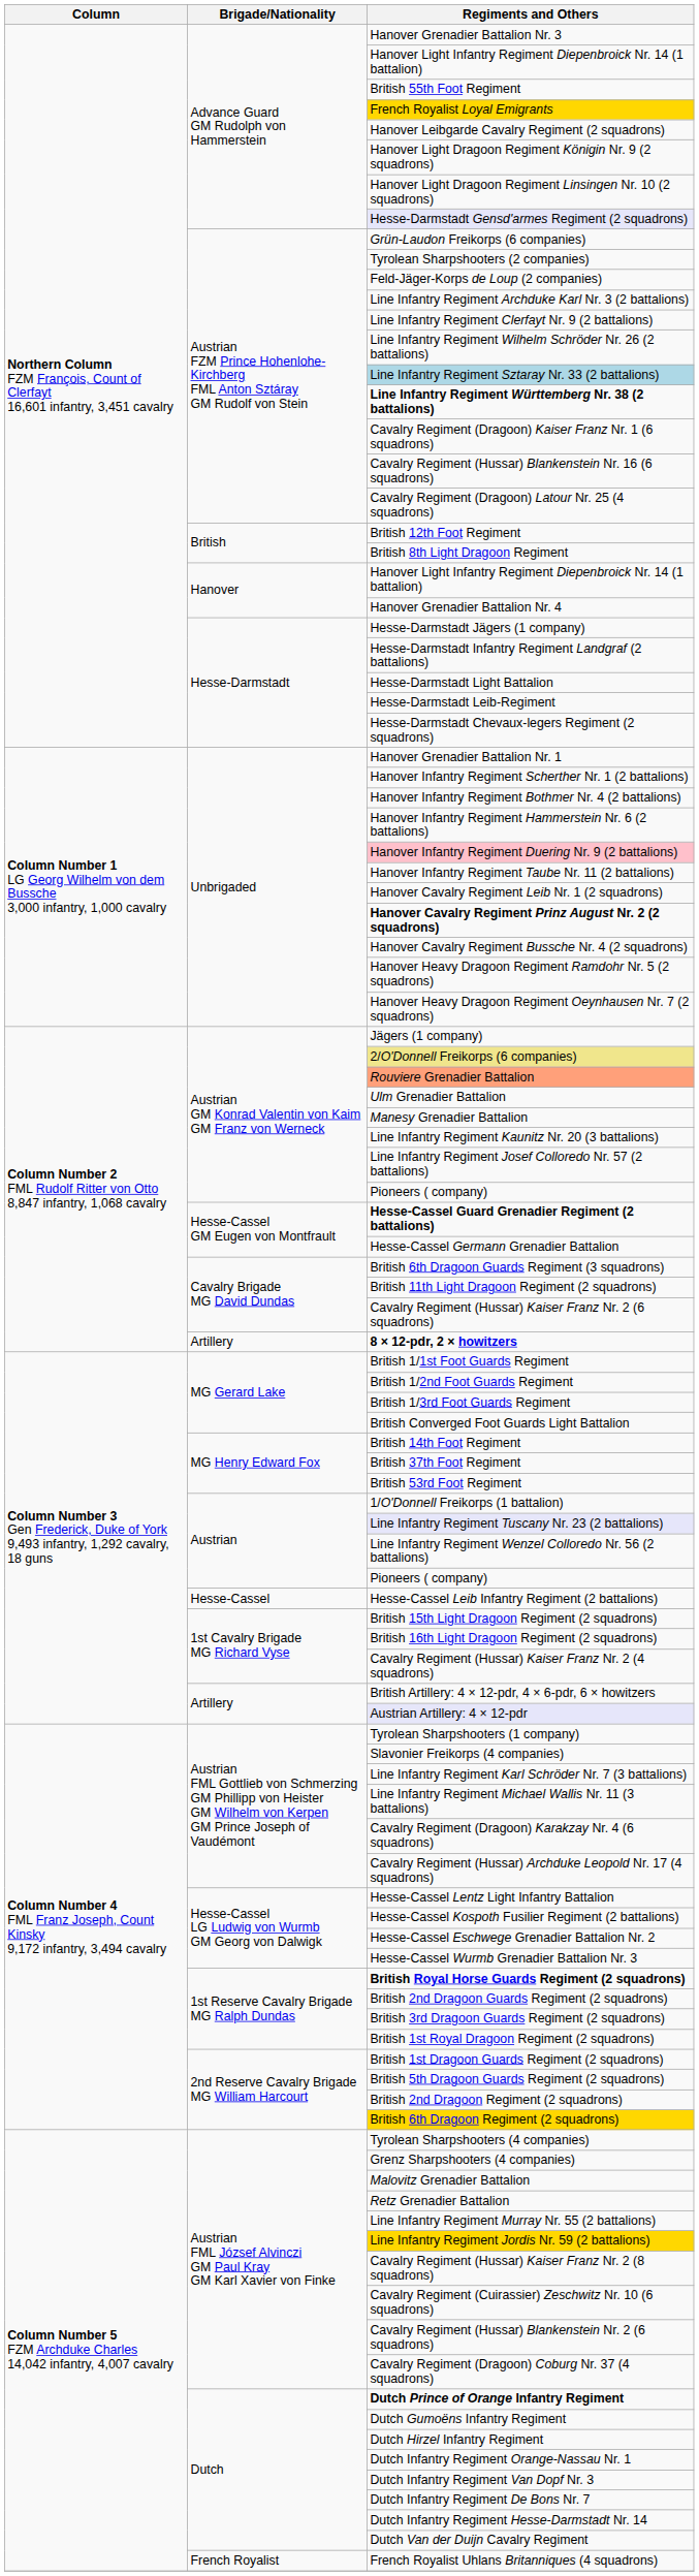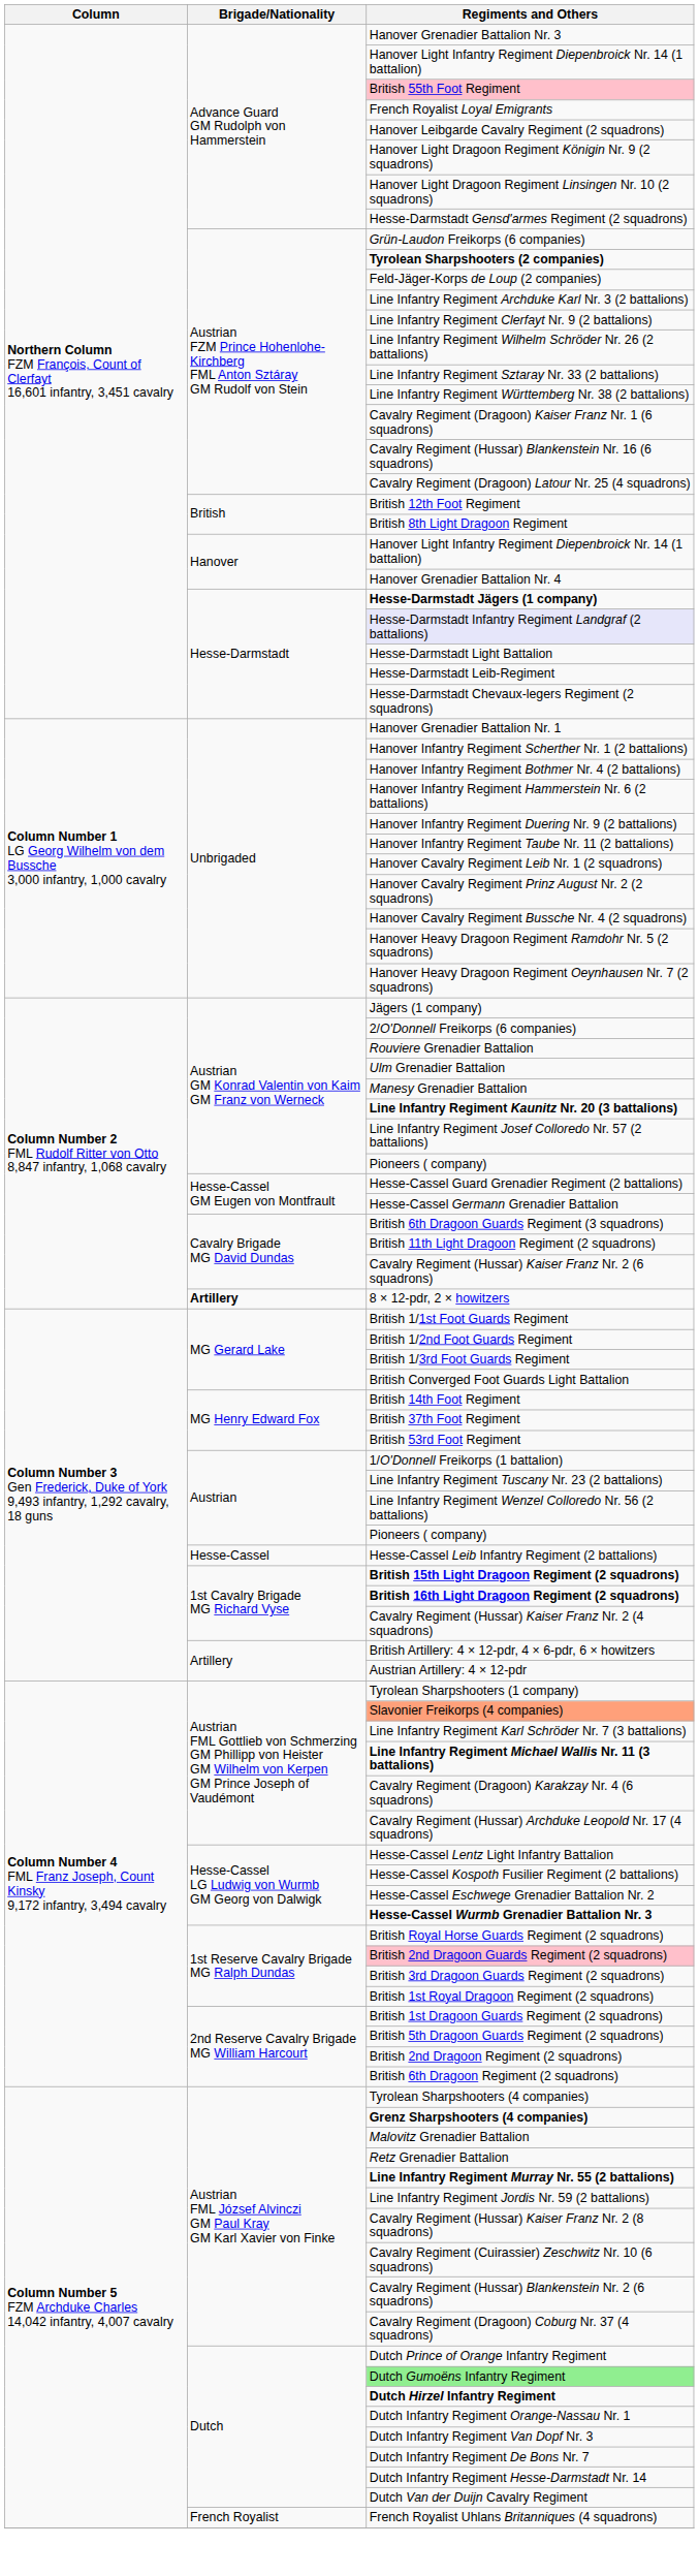 <table class="wikitable">
 <tr>
 <th>Column</th>
 <th>Brigade/Nationality</th>
 <th>Regiments and Others</th>
 </tr>
 <tr>
 <td rowspan=28><strong>Northern Column</strong><br>FZM <a href='#'>François, Count of Clerfayt</a><br>16,601 infantry, 3,451 cavalry</td>
 <td rowspan=8>Advance Guard<br>GM Rudolph von Hammerstein</td>
 <td>Hanover Grenadier Battalion Nr. 3</td>
 </tr>
 <tr>
 <td>Hanover Light Infantry Regiment <em>Diepenbroick</em> Nr. 14 (1 battalion)</td>
 </tr>
 <tr>
-<td>British <a href='#'>55th Foot</a> Regiment</td>
+<td style="background: pink;">British <a href='#'>55th Foot</a> Regiment</td>
 </tr>
 <tr>
-<td style="background: gold;">French Royalist <em>Loyal Emigrants</em></td>
+<td>French Royalist <em>Loyal Emigrants</em></td>
 </tr>
 <tr>
 <td>Hanover Leibgarde Cavalry Regiment (2 squadrons)</td>
 </tr>
 <tr>
 <td>Hanover Light Dragoon Regiment <em>Königin</em> Nr. 9 (2 squadrons)</td>
 </tr>
 <tr>
 <td>Hanover Light Dragoon Regiment <em>Linsingen</em> Nr. 10 (2 squadrons)</td>
 </tr>
 <tr>
-<td style="background: lavender;">Hesse-Darmstadt <em>Gensd'armes</em> Regiment (2 squadrons)</td>
+<td>Hesse-Darmstadt <em>Gensd'armes</em> Regiment (2 squadrons)</td>
 </tr>
 <tr>
 <td rowspan=11>Austrian<br>FZM <a href='#'>Prince Hohenlohe-Kirchberg</a><br>FML <a href='#'>Anton Sztáray</a><br>GM Rudolf von Stein</td>
 <td><em>Grün-Laudon</em> Freikorps (6 companies)</td>
 </tr>
 <tr>
-<td>Tyrolean Sharpshooters (2 companies)</td>
+<td><strong>Tyrolean Sharpshooters (2 companies)</strong></td>
 </tr>
 <tr>
 <td>Feld-Jäger-Korps <em>de Loup</em> (2 companies)</td>
 </tr>
 <tr>
 <td>Line Infantry Regiment <em>Archduke Karl</em> Nr. 3 (2 battalions)</td>
 </tr>
 <tr>
 <td>Line Infantry Regiment <em>Clerfayt</em> Nr. 9 (2 battalions)</td>
 </tr>
 <tr>
 <td>Line Infantry Regiment <em>Wilhelm Schröder</em> Nr. 26 (2 battalions)</td>
 </tr>
 <tr>
-<td style="background: lightblue;">Line Infantry Regiment <em>Sztaray</em> Nr. 33 (2 battalions)</td>
+<td>Line Infantry Regiment <em>Sztaray</em> Nr. 33 (2 battalions)</td>
 </tr>
 <tr>
-<td><strong>Line Infantry Regiment <em>Württemberg</em> Nr. 38 (2 battalions)</strong></td>
+<td>Line Infantry Regiment <em>Württemberg</em> Nr. 38 (2 battalions)</td>
 </tr>
 <tr>
 <td>Cavalry Regiment (Dragoon) <em>Kaiser Franz</em> Nr. 1 (6 squadrons)</td>
 </tr>
 <tr>
 <td>Cavalry Regiment (Hussar) <em>Blankenstein</em> Nr. 16 (6 squadrons)</td>
 </tr>
 <tr>
 <td>Cavalry Regiment (Dragoon) <em>Latour</em> Nr. 25 (4 squadrons)</td>
 </tr>
 <tr>
 <td rowspan=2>British</td>
 <td>British <a href='#'>12th Foot</a> Regiment</td>
 </tr>
 <tr>
 <td>British <a href='#'>8th Light Dragoon</a> Regiment</td>
 </tr>
 <tr>
 <td rowspan=2>Hanover</td>
 <td>Hanover Light Infantry Regiment <em>Diepenbroick</em> Nr. 14 (1 battalion)</td>
 </tr>
 <tr>
 <td>Hanover Grenadier Battalion Nr. 4</td>
 </tr>
 <tr>
 <td rowspan=5>Hesse-Darmstadt</td>
-<td>Hesse-Darmstadt Jägers (1 company)</td>
+<td><strong>Hesse-Darmstadt Jägers (1 company)</strong></td>
 </tr>
 <tr>
-<td>Hesse-Darmstadt Infantry Regiment <em>Landgraf</em> (2 battalions)</td>
+<td style="background: lavender;">Hesse-Darmstadt Infantry Regiment <em>Landgraf</em> (2 battalions)</td>
 </tr>
 <tr>
 <td>Hesse-Darmstadt Light Battalion</td>
 </tr>
 <tr>
 <td>Hesse-Darmstadt Leib-Regiment</td>
 </tr>
 <tr>
 <td>Hesse-Darmstadt Chevaux-legers Regiment (2 squadrons)</td>
 </tr>
 <tr>
 <td rowspan=11><strong>Column Number 1</strong><br>LG <a href='#'>Georg Wilhelm von dem Bussche</a><br>3,000 infantry, 1,000 cavalry</td>
 <td rowspan=11>Unbrigaded</td>
 <td>Hanover Grenadier Battalion Nr. 1</td>
 </tr>
 <tr>
 <td>Hanover Infantry Regiment <em>Scherther</em> Nr. 1 (2 battalions)</td>
 </tr>
 <tr>
 <td>Hanover Infantry Regiment <em>Bothmer</em> Nr. 4 (2 battalions)</td>
 </tr>
 <tr>
 <td>Hanover Infantry Regiment <em>Hammerstein</em> Nr. 6 (2 battalions)</td>
 </tr>
 <tr>
-<td style="background: pink;">Hanover Infantry Regiment <em>Duering</em> Nr. 9 (2 battalions)</td>
+<td>Hanover Infantry Regiment <em>Duering</em> Nr. 9 (2 battalions)</td>
 </tr>
 <tr>
 <td>Hanover Infantry Regiment <em>Taube</em> Nr. 11 (2 battalions)</td>
 </tr>
 <tr>
 <td>Hanover Cavalry Regiment <em>Leib</em> Nr. 1 (2 squadrons)</td>
 </tr>
 <tr>
-<td><strong>Hanover Cavalry Regiment <em>Prinz August</em> Nr. 2 (2 squadrons)</strong></td>
+<td>Hanover Cavalry Regiment <em>Prinz August</em> Nr. 2 (2 squadrons)</td>
 </tr>
 <tr>
 <td>Hanover Cavalry Regiment <em>Bussche</em> Nr. 4 (2 squadrons)</td>
 </tr>
 <tr>
 <td>Hanover Heavy Dragoon Regiment <em>Ramdohr</em> Nr. 5 (2 squadrons)</td>
 </tr>
 <tr>
 <td>Hanover Heavy Dragoon Regiment <em>Oeynhausen</em> Nr. 7 (2 squadrons)</td>
 </tr>
 <tr>
 <td rowspan=14><strong>Column Number 2</strong><br>FML <a href='#'>Rudolf Ritter von Otto</a><br>8,847 infantry, 1,068 cavalry</td>
 <td rowspan=8>Austrian<br>GM <a href='#'>Konrad Valentin von Kaim</a><br>GM <a href='#'>Franz von Werneck</a></td>
 <td>Jägers (1 company)</td>
 </tr>
 <tr>
-<td style="background: khaki;">2/<em>O'Donnell</em> Freikorps (6 companies)</td>
+<td>2/<em>O'Donnell</em> Freikorps (6 companies)</td>
 </tr>
 <tr>
-<td style="background: lightsalmon;"><em>Rouviere</em> Grenadier Battalion</td>
+<td><em>Rouviere</em> Grenadier Battalion</td>
 </tr>
 <tr>
 <td><em>Ulm</em> Grenadier Battalion</td>
 </tr>
 <tr>
 <td><em>Manesy</em> Grenadier Battalion</td>
 </tr>
 <tr>
-<td>Line Infantry Regiment <em>Kaunitz</em> Nr. 20 (3 battalions)</td>
+<td><strong>Line Infantry Regiment <em>Kaunitz</em> Nr. 20 (3 battalions)</strong></td>
 </tr>
 <tr>
 <td>Line Infantry Regiment <em>Josef Colloredo</em> Nr. 57 (2 battalions)</td>
 </tr>
 <tr>
 <td>Pioneers ( company)</td>
 </tr>
 <tr>
 <td rowspan=2>Hesse-Cassel<br>GM Eugen von Montfrault</td>
-<td><strong>Hesse-Cassel Guard Grenadier Regiment (2 battalions)</strong></td>
+<td>Hesse-Cassel Guard Grenadier Regiment (2 battalions)</td>
 </tr>
 <tr>
 <td>Hesse-Cassel <em>Germann</em> Grenadier Battalion</td>
 </tr>
 <tr>
 <td rowspan=3>Cavalry Brigade<br>MG <a href='#'>David Dundas</a></td>
 <td>British <a href='#'>6th Dragoon Guards</a> Regiment (3 squadrons)</td>
 </tr>
 <tr>
 <td>British <a href='#'>11th Light Dragoon</a> Regiment (2 squadrons)</td>
 </tr>
 <tr>
 <td>Cavalry Regiment (Hussar) <em>Kaiser Franz</em> Nr. 2 (6 squadrons)</td>
 </tr>
 <tr>
-<td rowspan=1>Artillery</td>
-<td><strong>8 × 12-pdr, 2 × <a href='#'>howitzers</a></strong></td>
+<td rowspan=1><strong>Artillery</strong></td>
+<td>8 × 12-pdr, 2 × <a href='#'>howitzers</a></td>
 </tr>
 <tr>
 <td rowspan=17><strong>Column Number 3</strong><br>Gen <a href='#'>Frederick, Duke of York</a><br>9,493 infantry, 1,292 cavalry, 18 guns</td>
 <td rowspan=4>MG <a href='#'>Gerard Lake</a></td>
 <td>British 1/<a href='#'>1st Foot Guards</a> Regiment</td>
 </tr>
 <tr>
 <td>British 1/<a href='#'>2nd Foot Guards</a> Regiment</td>
 </tr>
 <tr>
 <td>British 1/<a href='#'>3rd Foot Guards</a> Regiment</td>
 </tr>
 <tr>
 <td>British Converged Foot Guards Light Battalion</td>
 </tr>
 <tr>
 <td rowspan=3>MG <a href='#'>Henry Edward Fox</a></td>
 <td>British <a href='#'>14th Foot</a> Regiment</td>
 </tr>
 <tr>
 <td>British <a href='#'>37th Foot</a> Regiment</td>
 </tr>
 <tr>
 <td>British <a href='#'>53rd Foot</a> Regiment</td>
 </tr>
 <tr>
 <td rowspan=4>Austrian</td>
 <td>1/<em>O'Donnell</em> Freikorps (1 battalion)</td>
 </tr>
 <tr>
-<td style="background: lavender;">Line Infantry Regiment <em>Tuscany</em> Nr. 23 (2 battalions)</td>
+<td>Line Infantry Regiment <em>Tuscany</em> Nr. 23 (2 battalions)</td>
 </tr>
 <tr>
 <td>Line Infantry Regiment <em>Wenzel Colloredo</em> Nr. 56 (2 battalions)</td>
 </tr>
 <tr>
 <td>Pioneers ( company)</td>
 </tr>
 <tr>
 <td rowspan=1>Hesse-Cassel</td>
 <td>Hesse-Cassel <em>Leib</em> Infantry Regiment (2 battalions)</td>
 </tr>
 <tr>
 <td rowspan=3>1st Cavalry Brigade<br>MG <a href='#'>Richard Vyse</a></td>
-<td>British <a href='#'>15th Light Dragoon</a> Regiment (2 squadrons)</td>
+<td><strong>British <a href='#'>15th Light Dragoon</a> Regiment (2 squadrons)</strong></td>
 </tr>
 <tr>
-<td>British <a href='#'>16th Light Dragoon</a> Regiment (2 squadrons)</td>
+<td><strong>British <a href='#'>16th Light Dragoon</a> Regiment (2 squadrons)</strong></td>
 </tr>
 <tr>
 <td>Cavalry Regiment (Hussar) <em>Kaiser Franz</em> Nr. 2 (4 squadrons)</td>
 </tr>
 <tr>
 <td rowspan=2>Artillery</td>
 <td>British Artillery: 4 × 12-pdr, 4 × 6-pdr, 6 × howitzers</td>
 </tr>
 <tr>
-<td style="background: lavender;">Austrian Artillery: 4 × 12-pdr</td>
+<td>Austrian Artillery: 4 × 12-pdr</td>
 </tr>
 <tr>
 <td rowspan=18><strong>Column Number 4</strong><br>FML <a href='#'>Franz Joseph, Count Kinsky</a><br>9,172 infantry, 3,494 cavalry</td>
 <td rowspan=6>Austrian<br>FML Gottlieb von Schmerzing<br>GM Phillipp von Heister<br>GM <a href='#'>Wilhelm von Kerpen</a><br>GM Prince Joseph of Vaudémont</td>
 <td>Tyrolean Sharpshooters (1 company)</td>
 </tr>
 <tr>
-<td>Slavonier Freikorps (4 companies)</td>
+<td style="background: lightsalmon;">Slavonier Freikorps (4 companies)</td>
 </tr>
 <tr>
 <td>Line Infantry Regiment <em>Karl Schröder</em> Nr. 7 (3 battalions)</td>
 </tr>
 <tr>
-<td>Line Infantry Regiment <em>Michael Wallis</em> Nr. 11 (3 battalions)</td>
+<td><strong>Line Infantry Regiment <em>Michael Wallis</em> Nr. 11 (3 battalions)</strong></td>
 </tr>
 <tr>
 <td>Cavalry Regiment (Dragoon) <em>Karakzay</em> Nr. 4 (6 squadrons)</td>
 </tr>
 <tr>
 <td>Cavalry Regiment (Hussar) <em>Archduke Leopold</em> Nr. 17 (4 squadrons)</td>
 </tr>
 <tr>
 <td rowspan=4>Hesse-Cassel<br>LG <a href='#'>Ludwig von Wurmb</a><br>GM Georg von Dalwigk</td>
 <td>Hesse-Cassel <em>Lentz</em> Light Infantry Battalion</td>
 </tr>
 <tr>
 <td>Hesse-Cassel <em>Kospoth</em> Fusilier Regiment (2 battalions)</td>
 </tr>
 <tr>
 <td>Hesse-Cassel <em>Eschwege</em> Grenadier Battalion Nr. 2</td>
 </tr>
 <tr>
-<td>Hesse-Cassel <em>Wurmb</em> Grenadier Battalion Nr. 3</td>
+<td><strong>Hesse-Cassel <em>Wurmb</em> Grenadier Battalion Nr. 3</strong></td>
 </tr>
 <tr>
 <td rowspan=4>1st Reserve Cavalry Brigade<br>MG <a href='#'>Ralph Dundas</a></td>
-<td><strong>British <a href='#'>Royal Horse Guards</a> Regiment (2 squadrons)</strong></td>
+<td>British <a href='#'>Royal Horse Guards</a> Regiment (2 squadrons)</td>
 </tr>
 <tr>
-<td>British <a href='#'>2nd Dragoon Guards</a> Regiment (2 squadrons)</td>
+<td style="background: pink;">British <a href='#'>2nd Dragoon Guards</a> Regiment (2 squadrons)</td>
 </tr>
 <tr>
 <td>British <a href='#'>3rd Dragoon Guards</a> Regiment (2 squadrons)</td>
 </tr>
 <tr>
 <td>British <a href='#'>1st Royal Dragoon</a> Regiment (2 squadrons)</td>
 </tr>
 <tr>
 <td rowspan=4>2nd Reserve Cavalry Brigade<br>MG <a href='#'>William Harcourt</a></td>
 <td>British <a href='#'>1st Dragoon Guards</a> Regiment (2 squadrons)</td>
 </tr>
 <tr>
 <td>British <a href='#'>5th Dragoon Guards</a> Regiment (2 squadrons)</td>
 </tr>
 <tr>
 <td>British <a href='#'>2nd Dragoon</a> Regiment (2 squadrons)</td>
 </tr>
 <tr>
-<td style="background: gold;">British <a href='#'>6th Dragoon</a> Regiment (2 squadrons)</td>
+<td>British <a href='#'>6th Dragoon</a> Regiment (2 squadrons)</td>
 </tr>
 <tr>
 <td rowspan=19><strong>Column Number 5</strong><br>FZM <a href='#'>Archduke Charles</a><br>14,042 infantry, 4,007 cavalry</td>
 <td rowspan=10>Austrian<br>FML <a href='#'>József Alvinczi</a><br>GM <a href='#'>Paul Kray</a><br>GM Karl Xavier von Finke</td>
 <td>Tyrolean Sharpshooters (4 companies)</td>
 </tr>
 <tr>
-<td>Grenz Sharpshooters (4 companies)</td>
+<td><strong>Grenz Sharpshooters (4 companies)</strong></td>
 </tr>
 <tr>
 <td><em>Malovitz</em> Grenadier Battalion</td>
 </tr>
 <tr>
 <td><em>Retz</em> Grenadier Battalion</td>
 </tr>
 <tr>
-<td>Line Infantry Regiment <em>Murray</em> Nr. 55 (2 battalions)</td>
+<td><strong>Line Infantry Regiment <em>Murray</em> Nr. 55 (2 battalions)</strong></td>
 </tr>
 <tr>
-<td style="background: gold;">Line Infantry Regiment <em>Jordis</em> Nr. 59 (2 battalions)</td>
+<td>Line Infantry Regiment <em>Jordis</em> Nr. 59 (2 battalions)</td>
 </tr>
 <tr>
 <td>Cavalry Regiment (Hussar) <em>Kaiser Franz</em> Nr. 2 (8 squadrons)</td>
 </tr>
 <tr>
 <td>Cavalry Regiment (Cuirassier) <em>Zeschwitz</em> Nr. 10 (6 squadrons)</td>
 </tr>
 <tr>
 <td>Cavalry Regiment (Hussar) <em>Blankenstein</em> Nr. 2 (6 squadrons)</td>
 </tr>
 <tr>
 <td>Cavalry Regiment (Dragoon) <em>Coburg</em> Nr. 37 (4 squadrons)</td>
 </tr>
 <tr>
 <td rowspan=8>Dutch</td>
-<td><strong>Dutch <em>Prince of Orange</em> Infantry Regiment</strong></td>
+<td>Dutch <em>Prince of Orange</em> Infantry Regiment</td>
 </tr>
 <tr>
-<td>Dutch <em>Gumoëns</em> Infantry Regiment</td>
+<td style="background: lightgreen;">Dutch <em>Gumoëns</em> Infantry Regiment</td>
 </tr>
 <tr>
-<td>Dutch <em>Hirzel</em> Infantry Regiment</td>
+<td><strong>Dutch <em>Hirzel</em> Infantry Regiment</strong></td>
 </tr>
 <tr>
 <td>Dutch Infantry Regiment <em>Orange-Nassau</em> Nr. 1</td>
 </tr>
 <tr>
 <td>Dutch Infantry Regiment <em>Van Dopf</em> Nr. 3</td>
 </tr>
 <tr>
 <td>Dutch Infantry Regiment <em>De Bons</em> Nr. 7</td>
 </tr>
 <tr>
 <td>Dutch Infantry Regiment <em>Hesse-Darmstadt</em> Nr. 14</td>
 </tr>
 <tr>
 <td>Dutch <em>Van der Duijn</em> Cavalry Regiment</td>
 </tr>
 <tr>
 <td rowspan=1>French Royalist</td>
 <td>French Royalist Uhlans <em>Britanniques</em> (4 squadrons)</td>
 </tr>
 <tr>
 </tr>
 </table>
